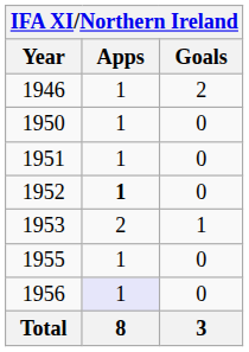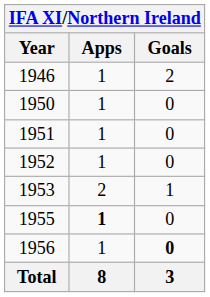 <table class="wikitable" style="text-align:center">
 <tr>
 <th colspan=3><a href='#'>IFA XI</a>/<a href='#'>Northern Ireland</a></th>
 </tr>
 <tr>
 <th>Year</th>
 <th>Apps</th>
 <th>Goals</th>
 </tr>
 <tr>
 <td>1946</td>
 <td>1</td>
 <td>2</td>
 </tr>
 <tr>
 <td>1950</td>
 <td>1</td>
 <td>0</td>
 </tr>
 <tr>
 <td>1951</td>
 <td>1</td>
 <td>0</td>
 </tr>
 <tr>
 <td>1952</td>
-<td><strong>1</strong></td>
+<td>1</td>
 <td>0</td>
 </tr>
 <tr>
 <td>1953</td>
 <td>2</td>
 <td>1</td>
 </tr>
 <tr>
 <td>1955</td>
-<td>1</td>
+<td><strong>1</strong></td>
 <td>0</td>
 </tr>
 <tr>
 <td>1956</td>
-<td style="background: lavender;">1</td>
-<td>0</td>
+<td>1</td>
+<td><strong>0</strong></td>
 </tr>
 <tr>
 <th>Total</th>
 <th>8</th>
 <th>3</th>
 </tr>
 </table>
